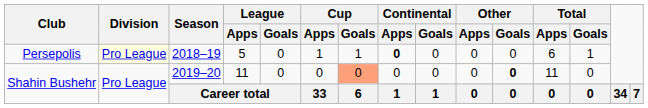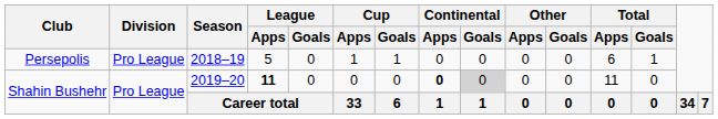 <table class="wikitable" style="text-align: center;">
 <tr>
 <th rowspan="2">Club</th>
 <th rowspan="2">Division</th>
 <th rowspan="2">Season</th>
 <th colspan="2">League</th>
 <th colspan="2">Cup</th>
 <th colspan="2">Continental</th>
 <th colspan="2">Other</th>
 <th colspan="2">Total</th>
 </tr>
 <tr>
 <th>Apps</th>
 <th>Goals</th>
 <th>Apps</th>
 <th>Goals</th>
 <th>Apps</th>
 <th>Goals</th>
 <th>Apps</th>
 <th>Goals</th>
 <th>Apps</th>
 <th>Goals</th>
 </tr>
 <tr>
 <td rowspan="1"><a href='#'>Persepolis</a></td>
-<td rowspan="1" style="background: lightyellow;"><a href='#'>Pro League</a></td>
+<td rowspan="1"><a href='#'>Pro League</a></td>
 <td><a href='#'>2018–19</a></td>
 <td>5</td>
 <td>0</td>
 <td>1</td>
 <td>1</td>
-<td><strong>0</strong></td>
+<td>0</td>
 <td>0</td>
 <td>0</td>
 <td>0</td>
 <td>6</td>
 <td>1</td>
 </tr>
 <tr>
 <td rowspan="2"><a href='#'>Shahin Bushehr</a></td>
 <td rowspan="2"><a href='#'>Pro League</a></td>
 <td><a href='#'>2019–20</a></td>
-<td>11</td>
-<td>0</td>
-<td>0</td>
-<td style="background: lightsalmon;">0</td>
+<td><strong>11</strong></td>
 <td>0</td>
 <td>0</td>
 <td>0</td>
 <td><strong>0</strong></td>
+<td style="background: lightgrey;">0</td>
+<td>0</td>
+<td>0</td>
 <td>11</td>
 <td>0</td>
 </tr>
 <tr>
 <th colspan=3>Career total</th>
 <th>33</th>
 <th>6</th>
 <th>1</th>
 <th>1</th>
 <th>0</th>
 <th>0</th>
 <th>0</th>
 <th>0</th>
 <th>34</th>
 <th>7</th>
 </tr>
 </table>
